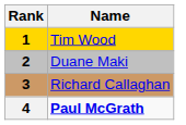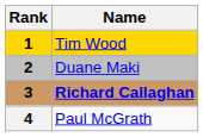 <table class="wikitable">
 <tr>
 <th>Rank</th>
 <th>Name</th>
 </tr>
 <tr bgcolor="gold">
 <td align="center"><strong>1</strong></td>
 <td><a href='#'>Tim Wood</a></td>
 </tr>
 <tr bgcolor="silver">
 <td align="center"><strong>2</strong></td>
 <td><a href='#'>Duane Maki</a></td>
 </tr>
 <tr bgcolor="cc9966">
 <td align="center"><strong>3</strong></td>
-<td><a href='#'>Richard Callaghan</a></td>
+<td><strong><a href='#'>Richard Callaghan</a></strong></td>
 </tr>
 <tr>
 <th>4</th>
-<td><strong><a href='#'>Paul McGrath</a></strong></td>
+<td><a href='#'>Paul McGrath</a></td>
 </tr>
 </table>
